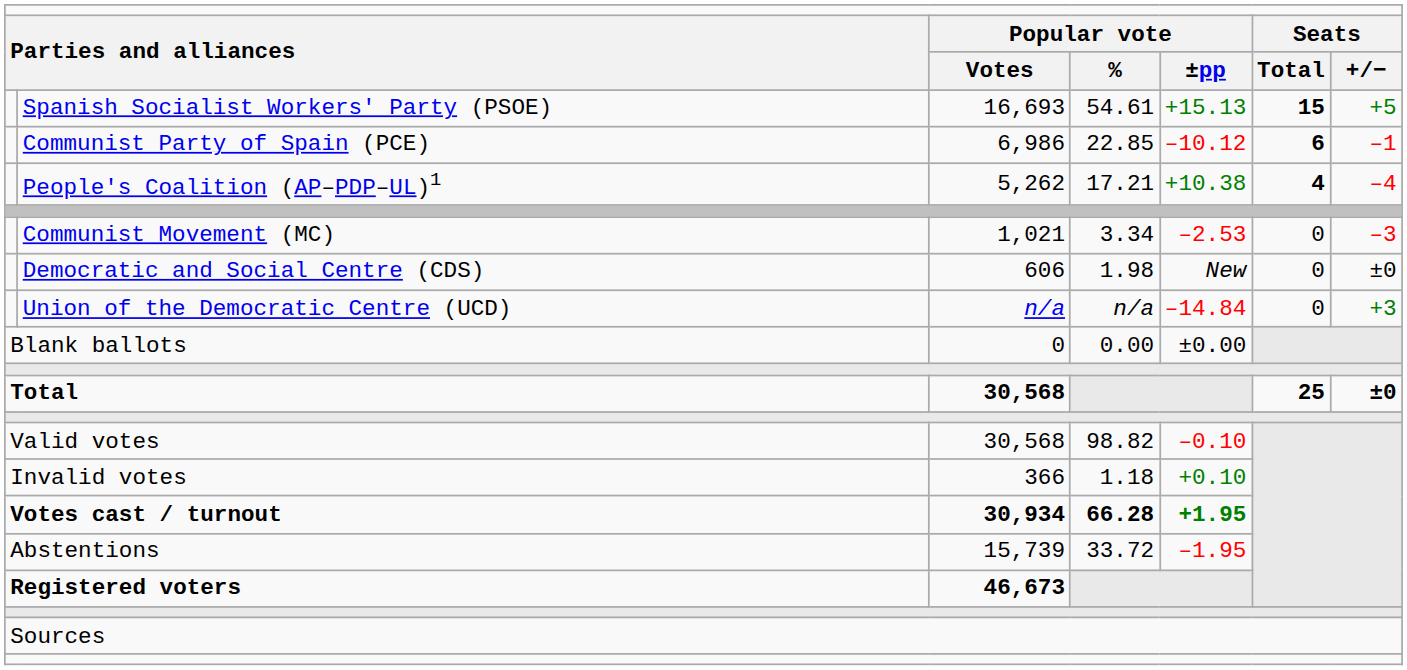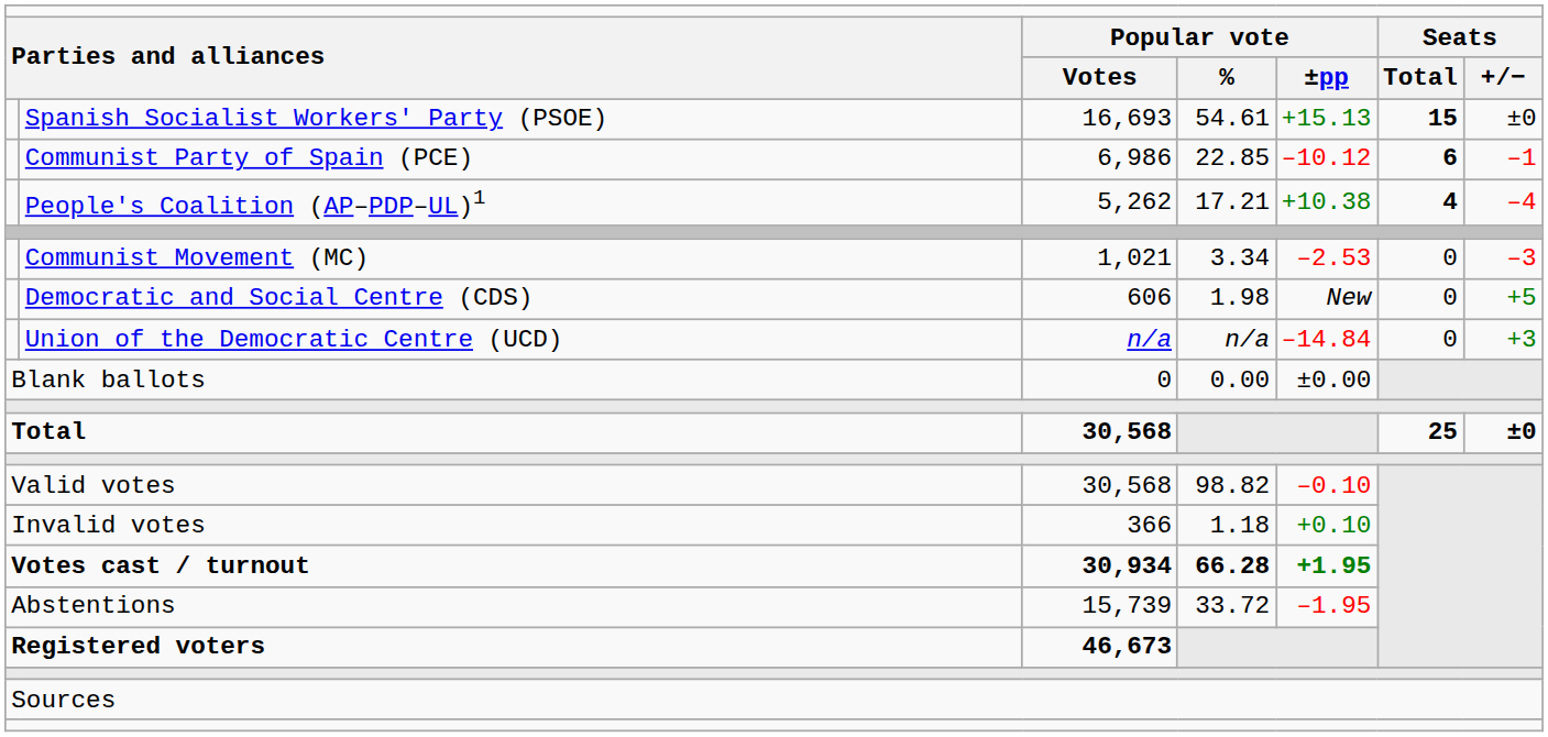 <table class="wikitable" style="text-align:right;">
 <tr>
 <td colspan="7"></td>
 </tr>
 <tr>
 <th style="text-align:left;" rowspan="2" colspan="2" width="525">Parties and alliances</th>
 <th colspan="3">Popular vote</th>
 <th colspan="2">Seats</th>
 </tr>
 <tr>
 <th width="75">Votes</th>
 <th width="45">%</th>
 <th width="45">±<a href='#'>pp</a></th>
 <th width="35">Total</th>
 <th width="35">+/−</th>
 </tr>
 <tr>
 <td width="1" style="color:inherit;background:"></td>
 <td align="left"><a href='#'>Spanish Socialist Workers' Party</a> (PSOE)</td>
 <td>16,693</td>
 <td>54.61</td>
 <td style="color:green;">+15.13</td>
 <td><strong>15</strong></td>
-<td style="color:green;">+5</td>
+<td>±0</td>
 </tr>
 <tr>
 <td style="color:inherit;background:"></td>
 <td align="left"><a href='#'>Communist Party of Spain</a> (PCE)</td>
 <td>6,986</td>
 <td>22.85</td>
 <td style="color:red;">–10.12</td>
 <td><strong>6</strong></td>
 <td style="color:red;">–1</td>
 </tr>
 <tr>
 <td style="color:inherit;background:"></td>
 <td align="left"><a href='#'>People's Coalition</a> (<a href='#'>AP</a>–<a href='#'>PDP</a>–<a href='#'>UL</a>)<sup>1</sup></td>
 <td>5,262</td>
 <td>17.21</td>
 <td style="color:green;">+10.38</td>
 <td><strong>4</strong></td>
 <td style="color:red;">–4</td>
 </tr>
 <tr>
 <td colspan="7" bgcolor="#C0C0C0"></td>
 </tr>
 <tr>
 <td style="color:inherit;background:"></td>
 <td align="left"><a href='#'>Communist Movement</a> (MC)</td>
 <td>1,021</td>
 <td>3.34</td>
 <td style="color:red;">–2.53</td>
 <td>0</td>
 <td style="color:red;">–3</td>
 </tr>
 <tr>
 <td style="color:inherit;background:"></td>
 <td align="left"><a href='#'>Democratic and Social Centre</a> (CDS)</td>
 <td>606</td>
 <td>1.98</td>
 <td><em>New</em></td>
 <td>0</td>
-<td>±0</td>
+<td style="color:green;">+5</td>
 </tr>
 <tr>
 <td style="color:inherit;background:"></td>
 <td align="left"><a href='#'>Union of the Democratic Centre</a> (UCD)</td>
 <td><em><a href='#'>n/a</a></em></td>
 <td><em>n/a</em></td>
 <td style="color:red;">–14.84</td>
 <td>0</td>
 <td style="color:green;">+3</td>
 </tr>
 <tr>
 <td align="left" colspan="2">Blank ballots</td>
 <td>0</td>
 <td>0.00</td>
 <td>±0.00</td>
 <td bgcolor="#E9E9E9" colspan="2"></td>
 </tr>
 <tr>
 <td colspan="7" bgcolor="#E9E9E9"></td>
 </tr>
 <tr style="font-weight:bold;">
 <td align="left" colspan="2">Total</td>
 <td>30,568</td>
 <td bgcolor="#E9E9E9" colspan="2"></td>
 <td>25</td>
 <td>±0</td>
 </tr>
 <tr>
 <td colspan="7" bgcolor="#E9E9E9"></td>
 </tr>
 <tr>
 <td align="left" colspan="2">Valid votes</td>
 <td>30,568</td>
 <td>98.82</td>
 <td style="color:red;">–0.10</td>
 <td bgcolor="#E9E9E9" colspan="2" rowspan="5"></td>
 </tr>
 <tr>
 <td align="left" colspan="2">Invalid votes</td>
 <td>366</td>
 <td>1.18</td>
 <td style="color:green;">+0.10</td>
 </tr>
 <tr style="font-weight:bold;">
 <td align="left" colspan="2">Votes cast / turnout</td>
 <td>30,934</td>
 <td>66.28</td>
 <td style="color:green;">+1.95</td>
 </tr>
 <tr>
 <td align="left" colspan="2">Abstentions</td>
 <td>15,739</td>
 <td>33.72</td>
 <td style="color:red;">–1.95</td>
 </tr>
 <tr style="font-weight:bold;">
 <td align="left" colspan="2">Registered voters</td>
 <td>46,673</td>
 <td bgcolor="#E9E9E9" colspan="2"></td>
 </tr>
 <tr>
 <td colspan="7" bgcolor="#E9E9E9"></td>
 </tr>
 <tr>
 <td align="left" colspan="7">Sources</td>
 </tr>
 <tr>
 <td colspan="7" style="text-align:left; max-width:790px;"></td>
 </tr>
 </table>
